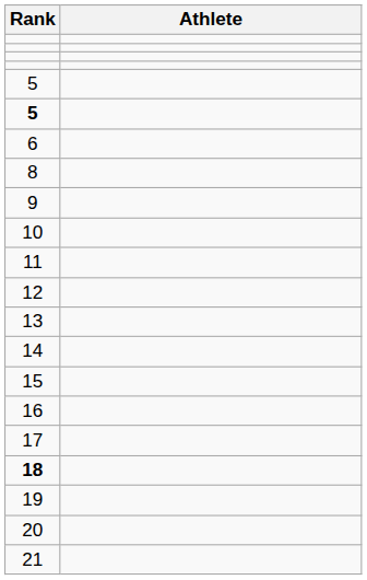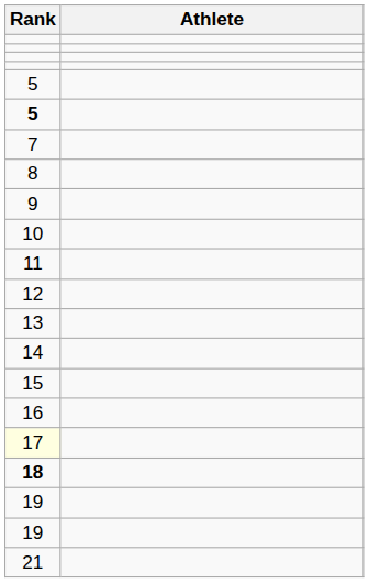 <table class="wikitable" style="text-align: center;">
 <tr>
 <th width=40>Rank</th>
 <th width=250>Athlete</th>
 </tr>
 <tr>
 <td></td>
 <td align=left></td>
 </tr>
 <tr>
 <td></td>
 <td align=left></td>
 </tr>
 <tr>
 <td></td>
 <td align=left></td>
 </tr>
 <tr>
 <td></td>
 <td align=left></td>
 </tr>
 <tr>
 <td>5</td>
 <td align=left></td>
 </tr>
 <tr>
 <td><strong>5</strong></td>
 <td align=left></td>
 </tr>
 <tr>
-<td>6</td>
+<td>7</td>
 <td align=left></td>
 </tr>
 <tr>
 <td>8</td>
 <td align=left></td>
 </tr>
 <tr>
 <td>9</td>
 <td align=left></td>
 </tr>
 <tr>
 <td>10</td>
 <td align=left></td>
 </tr>
 <tr>
 <td>11</td>
 <td align=left></td>
 </tr>
 <tr>
 <td>12</td>
 <td align=left></td>
 </tr>
 <tr>
 <td>13</td>
 <td align=left></td>
 </tr>
 <tr>
 <td>14</td>
 <td align=left></td>
 </tr>
 <tr>
 <td>15</td>
 <td align=left></td>
 </tr>
 <tr>
 <td>16</td>
 <td align=left></td>
 </tr>
 <tr>
-<td>17</td>
+<td style="background: lightyellow;">17</td>
 <td align=left></td>
 </tr>
 <tr>
 <td><strong>18</strong></td>
 <td align=left></td>
 </tr>
 <tr>
 <td>19</td>
 <td align=left></td>
 </tr>
 <tr>
-<td>20</td>
+<td>19</td>
 <td align=left></td>
 </tr>
 <tr>
 <td>21</td>
 <td align=left></td>
 </tr>
 </table>
